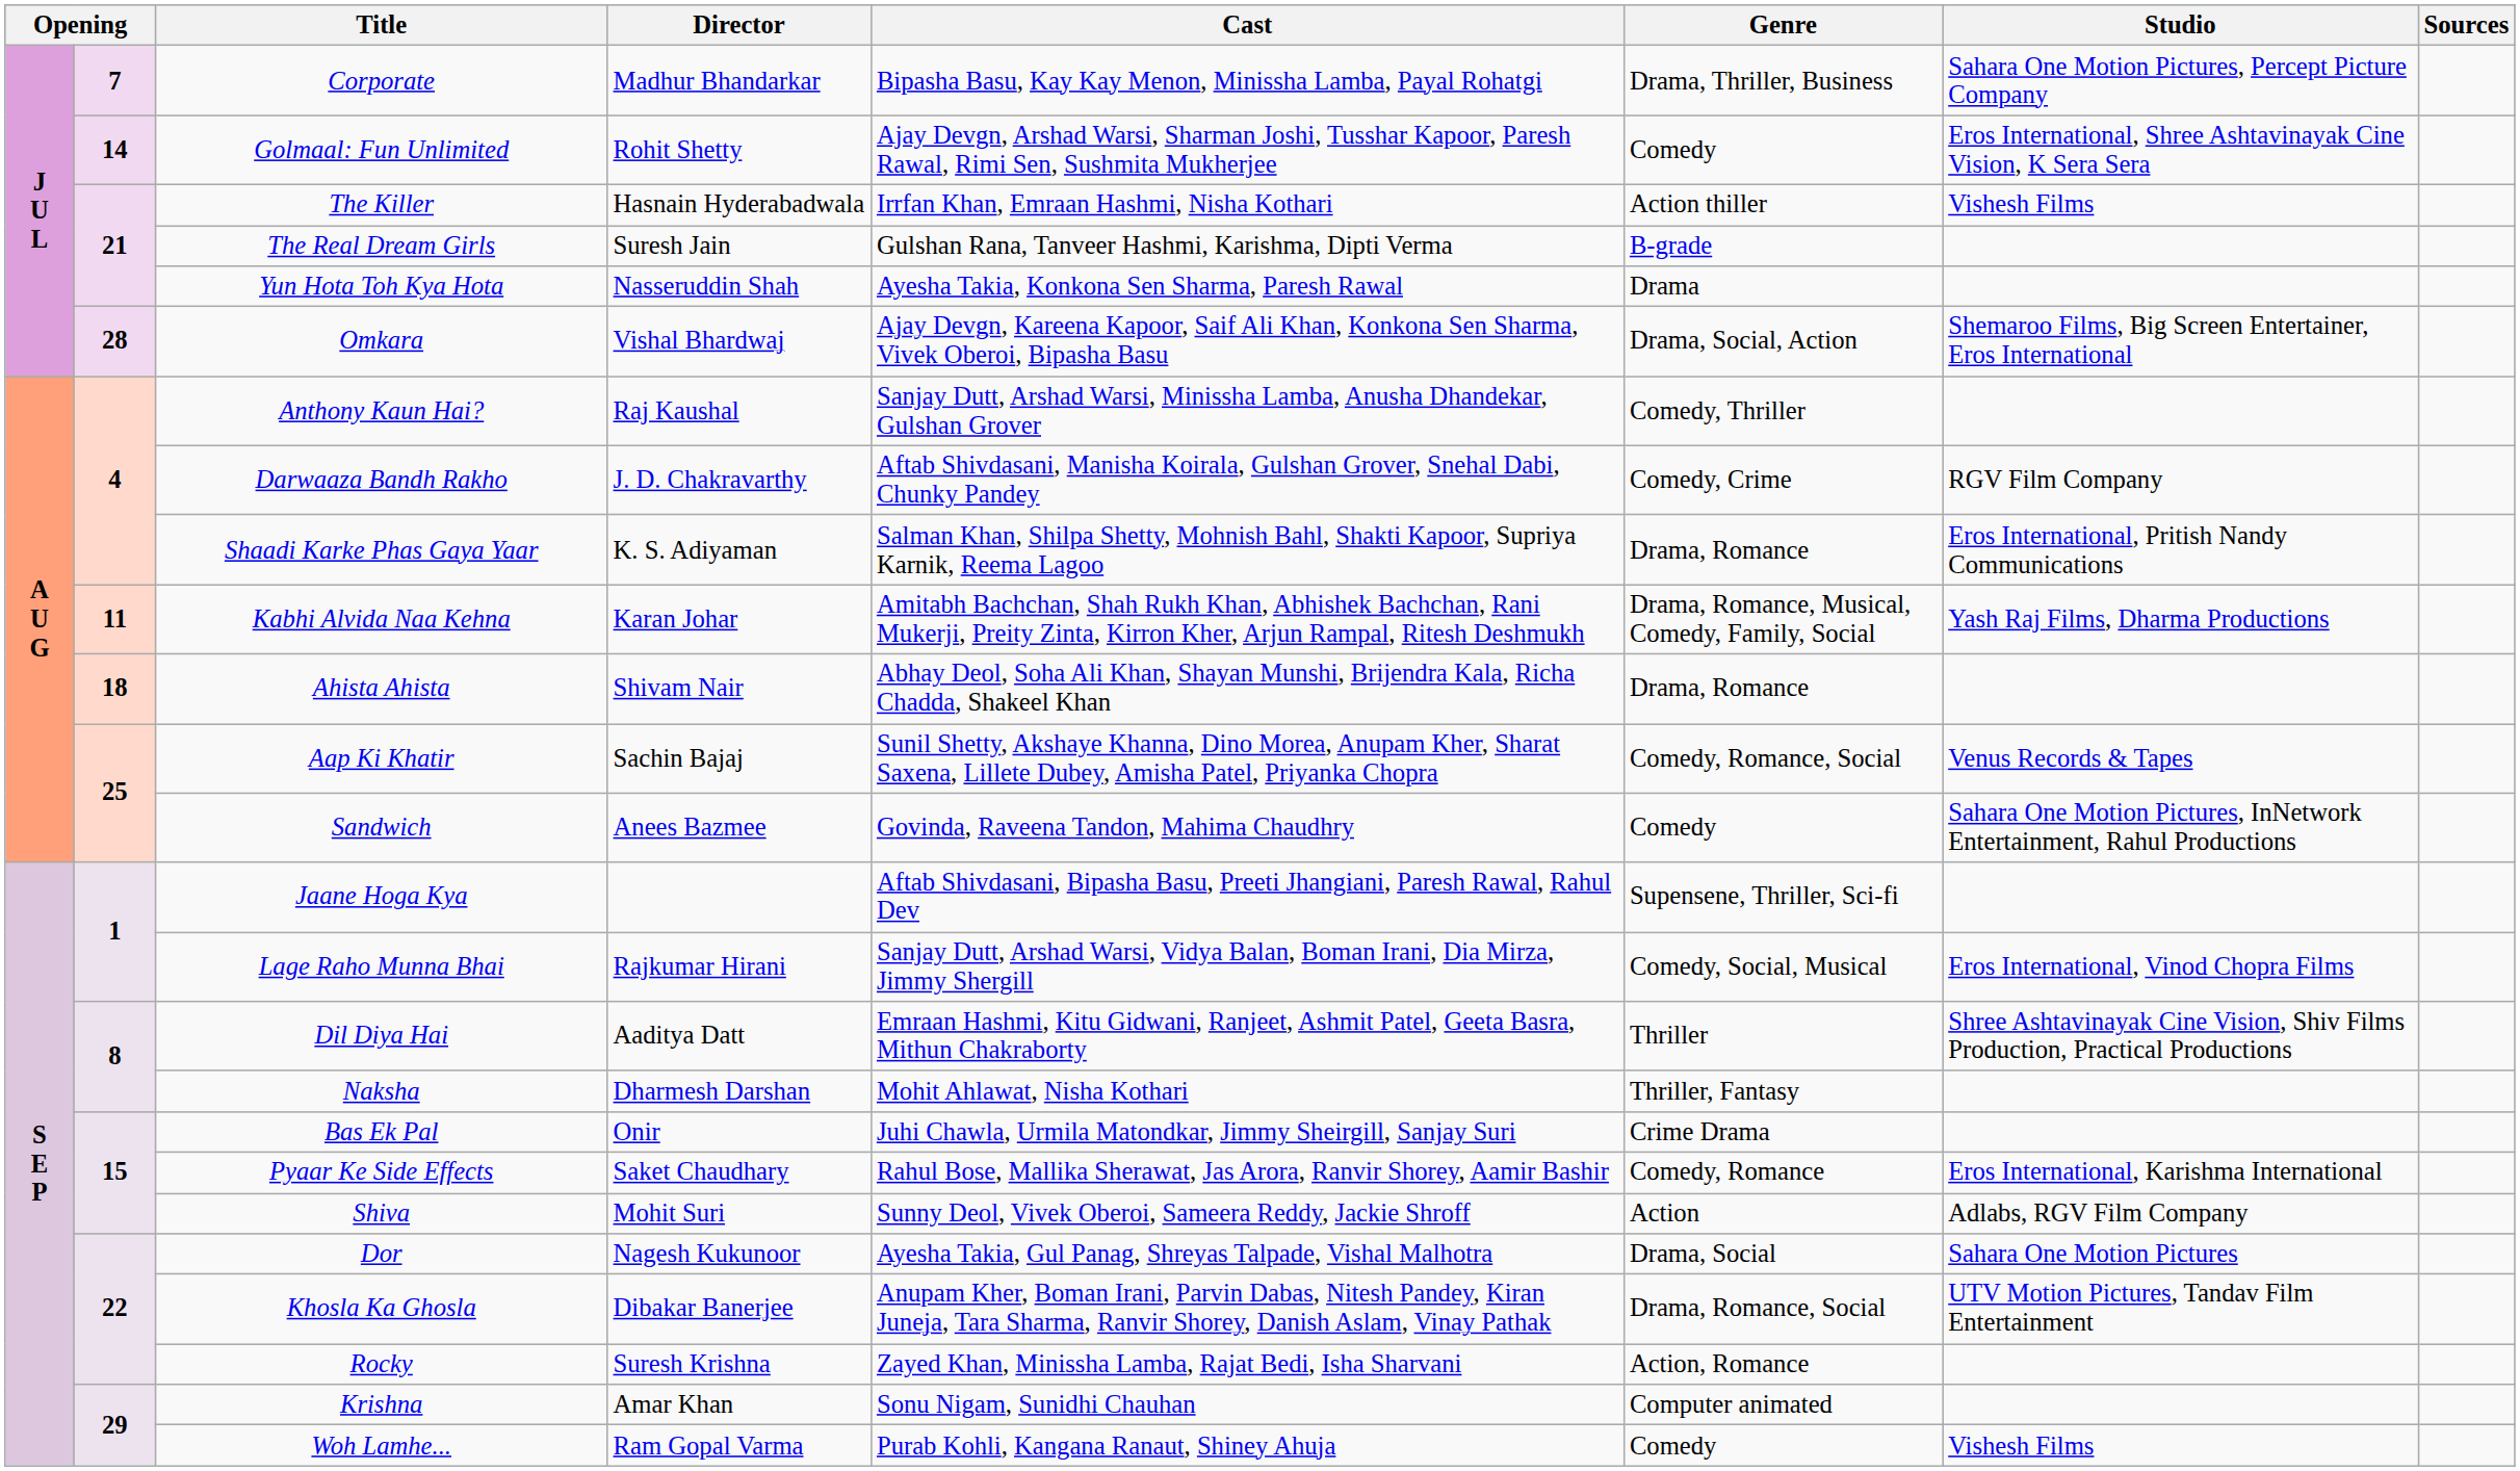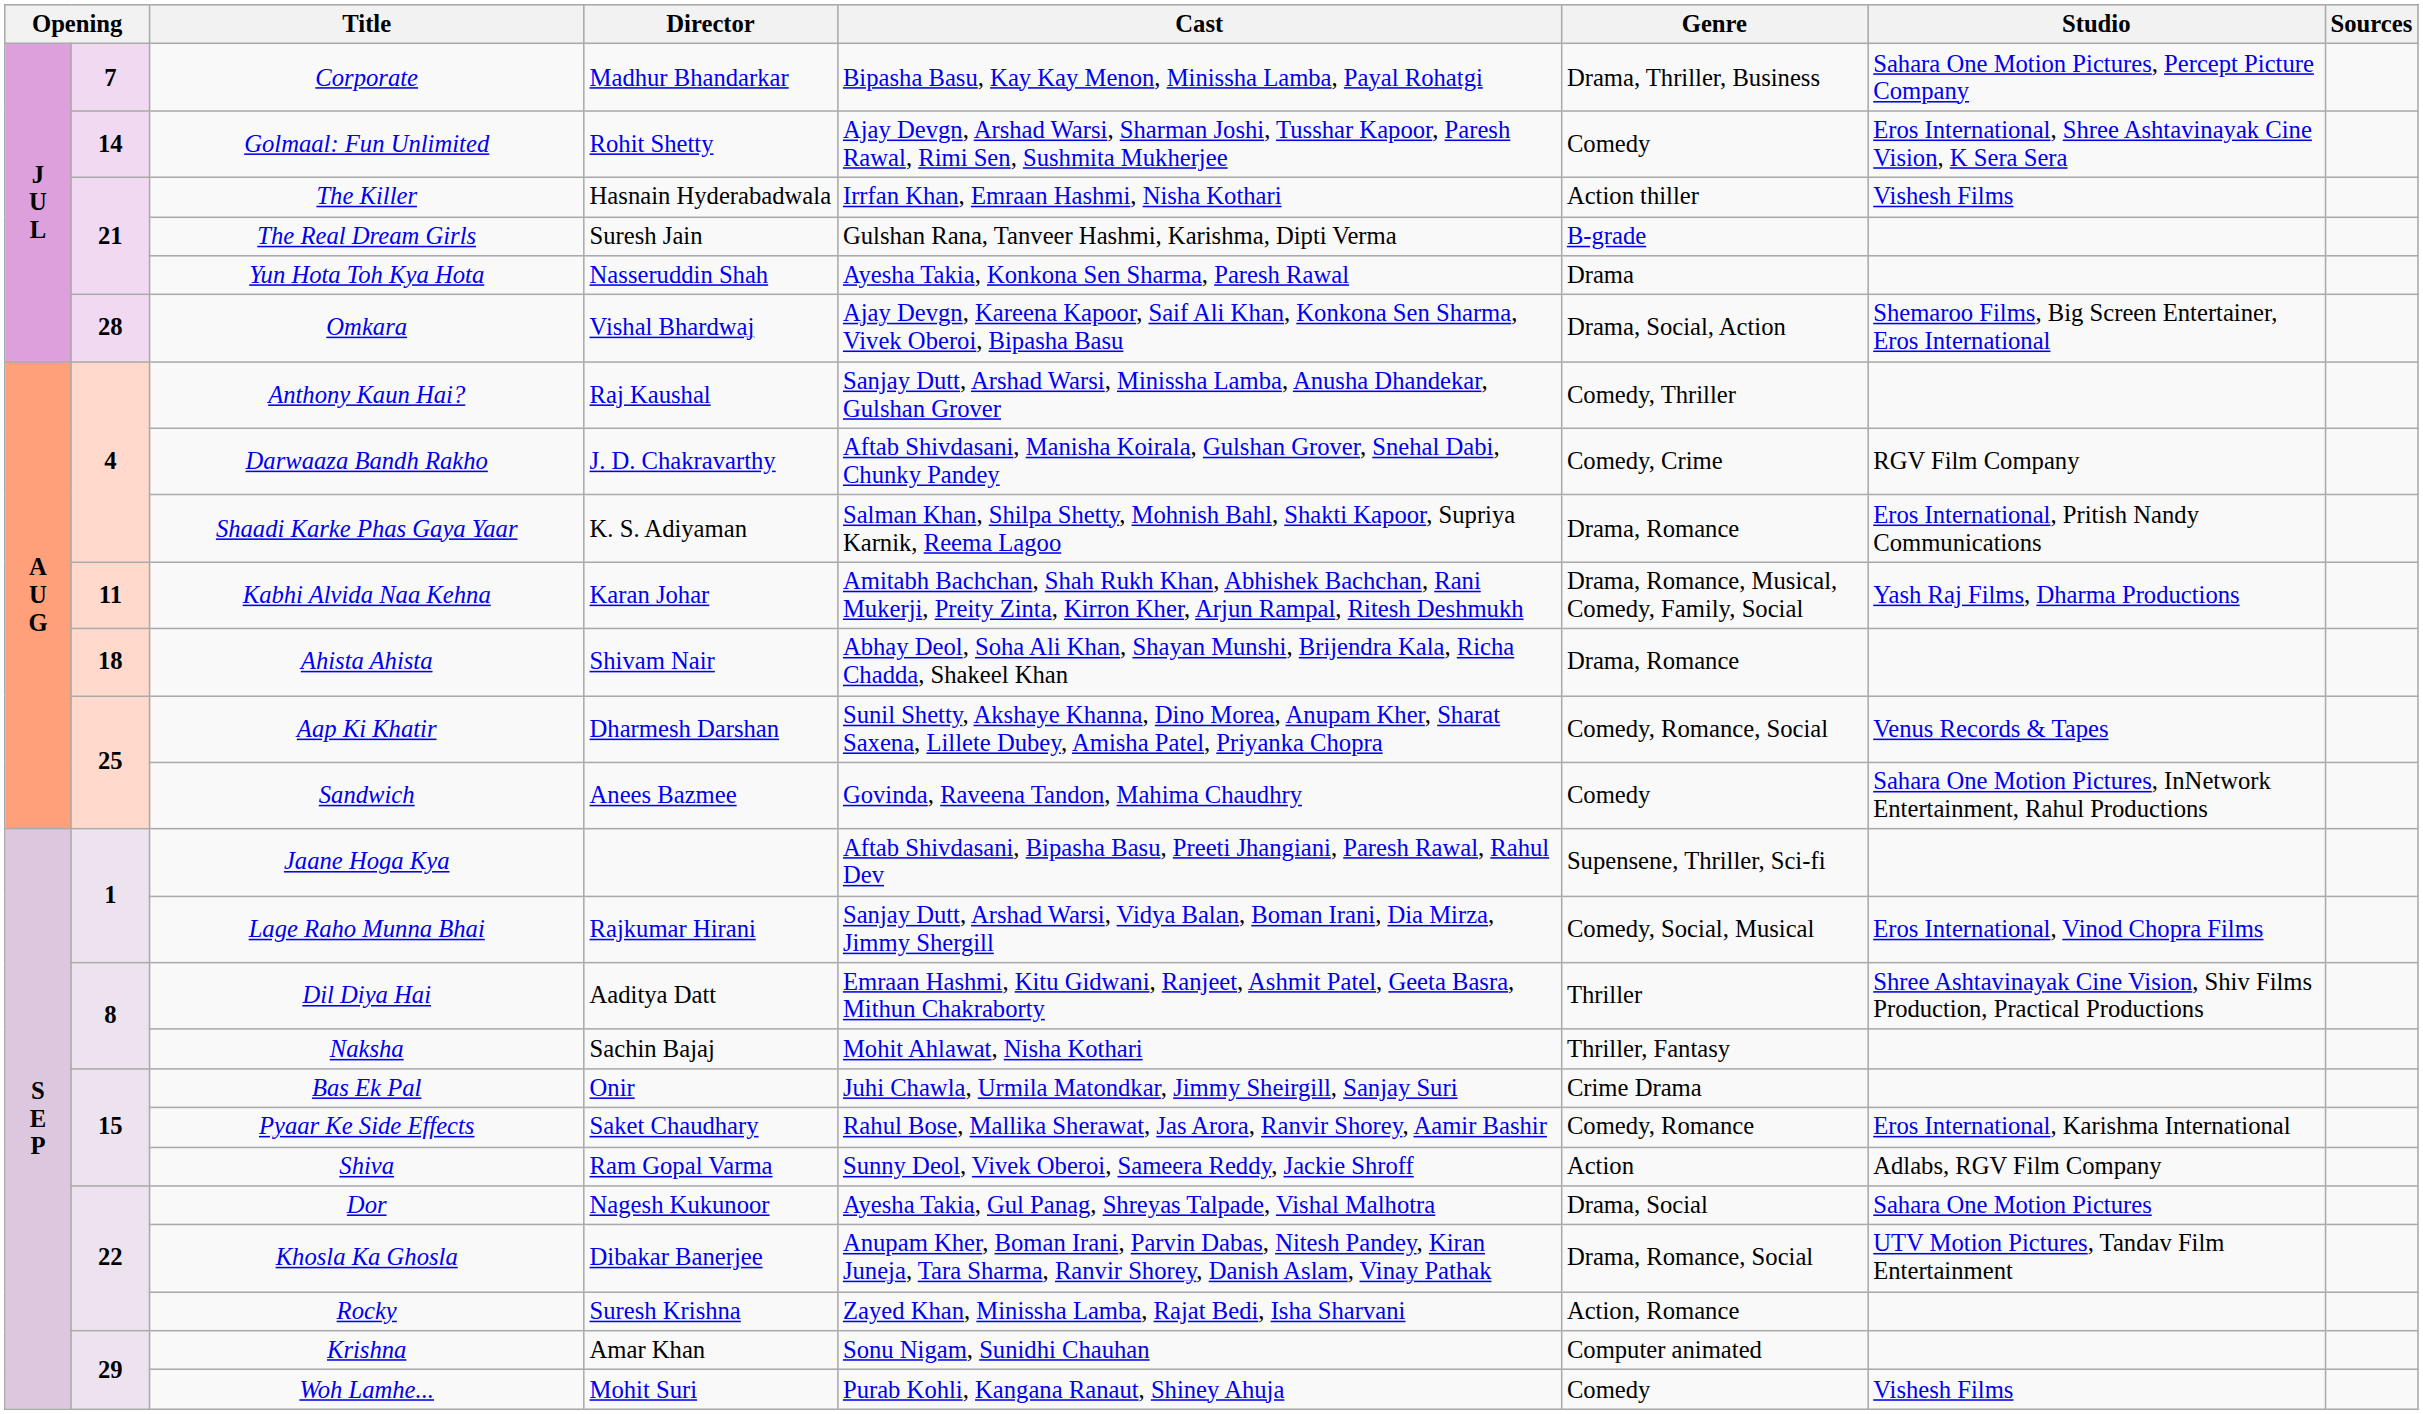 <table class="wikitable">
 <tr style="background:#b0e0e6;text-align:center;">
 <th colspan="2" style="width:6%;"><strong>Opening</strong></th>
 <th style="width:18%;"><strong>Title</strong></th>
 <th style="width:10.5%;"><strong>Director</strong></th>
 <th style="width:30%;"><strong>Cast</strong></th>
 <th>Genre</th>
 <th>Studio</th>
 <th>Sources</th>
 </tr>
 <tr>
 <td rowspan="6" style="text-align:center; background:plum; textcolor:#000;"><strong>J<br>U<br>L</strong></td>
 <td rowspan="1" style="text-align:center;background:#f1daf1;"><strong>7</strong></td>
 <td style="text-align:center;"><em><a href='#'>Corporate</a></em></td>
 <td><a href='#'>Madhur Bhandarkar</a></td>
 <td><a href='#'>Bipasha Basu</a>, <a href='#'>Kay Kay Menon</a>, <a href='#'>Minissha Lamba</a>, <a href='#'>Payal Rohatgi</a></td>
 <td>Drama, Thriller, Business</td>
 <td><a href='#'>Sahara One Motion Pictures</a>, <a href='#'>Percept Picture Company</a></td>
 <td></td>
 </tr>
 <tr>
 <td rowspan="1" style="text-align:center;background:#f1daf1;"><strong>14</strong></td>
 <td style="text-align:center;"><em><a href='#'>Golmaal: Fun Unlimited</a></em></td>
 <td><a href='#'>Rohit Shetty</a></td>
 <td><a href='#'>Ajay Devgn</a>, <a href='#'>Arshad Warsi</a>, <a href='#'>Sharman Joshi</a>, <a href='#'>Tusshar Kapoor</a>, <a href='#'>Paresh Rawal</a>, <a href='#'>Rimi Sen</a>, <a href='#'>Sushmita Mukherjee</a></td>
 <td>Comedy</td>
 <td><a href='#'>Eros International</a>, <a href='#'>Shree Ashtavinayak Cine Vision</a>, <a href='#'>K Sera Sera</a></td>
 <td></td>
 </tr>
 <tr>
 <td rowspan="3" style="text-align:center;background:#f1daf1;"><strong>21</strong></td>
 <td style="text-align:center;"><em><a href='#'>The Killer</a></em></td>
 <td>Hasnain Hyderabadwala</td>
 <td><a href='#'>Irrfan Khan</a>, <a href='#'>Emraan Hashmi</a>, <a href='#'>Nisha Kothari</a></td>
 <td>Action thiller</td>
 <td><a href='#'>Vishesh Films</a></td>
 <td></td>
 </tr>
 <tr>
 <td style="text-align:center;"><em><a href='#'>The Real Dream Girls</a></em></td>
 <td>Suresh Jain</td>
 <td>Gulshan Rana, Tanveer Hashmi, Karishma, Dipti Verma</td>
 <td><a href='#'>B-grade</a></td>
 <td></td>
 <td></td>
 </tr>
 <tr>
 <td style="text-align:center;"><em><a href='#'>Yun Hota Toh Kya Hota</a></em></td>
 <td><a href='#'>Nasseruddin Shah</a></td>
 <td><a href='#'>Ayesha Takia</a>, <a href='#'>Konkona Sen Sharma</a>, <a href='#'>Paresh Rawal</a></td>
 <td>Drama</td>
 <td></td>
 <td></td>
 </tr>
 <tr>
 <td rowspan="1" style="text-align:center;background:#f1daf1;"><strong>28</strong></td>
 <td style="text-align:center;"><em><a href='#'>Omkara</a></em></td>
 <td><a href='#'>Vishal Bhardwaj</a></td>
 <td><a href='#'>Ajay Devgn</a>, <a href='#'>Kareena Kapoor</a>, <a href='#'>Saif Ali Khan</a>, <a href='#'>Konkona Sen Sharma</a>, <a href='#'>Vivek Oberoi</a>, <a href='#'>Bipasha Basu</a></td>
 <td>Drama, Social, Action</td>
 <td><a href='#'>Shemaroo Films</a>, Big Screen Entertainer, <a href='#'>Eros International</a></td>
 <td></td>
 </tr>
 <tr>
 <td rowspan="7" style="text-align:center; background:#ffa07a; textcolor:#000;"><strong>A<br>U<br>G</strong></td>
 <td rowspan="3" style="text-align:center; background:#ffdacc;"><strong>4</strong></td>
 <td style="text-align:center;"><em><a href='#'>Anthony Kaun Hai?</a></em></td>
 <td><a href='#'>Raj Kaushal</a></td>
 <td><a href='#'>Sanjay Dutt</a>, <a href='#'>Arshad Warsi</a>, <a href='#'>Minissha Lamba</a>, <a href='#'>Anusha Dhandekar</a>, <a href='#'>Gulshan Grover</a></td>
 <td>Comedy, Thriller</td>
 <td></td>
 <td></td>
 </tr>
 <tr>
 <td style="text-align:center;"><em><a href='#'>Darwaaza Bandh Rakho</a></em></td>
 <td><a href='#'>J. D. Chakravarthy</a></td>
 <td><a href='#'>Aftab Shivdasani</a>, <a href='#'>Manisha Koirala</a>, <a href='#'>Gulshan Grover</a>, <a href='#'>Snehal Dabi</a>, <a href='#'>Chunky Pandey</a></td>
 <td>Comedy, Crime</td>
 <td>RGV Film Company</td>
 <td></td>
 </tr>
 <tr>
 <td style="text-align:center;"><em><a href='#'>Shaadi Karke Phas Gaya Yaar</a></em></td>
 <td>K. S. Adiyaman</td>
 <td><a href='#'>Salman Khan</a>, <a href='#'>Shilpa Shetty</a>, <a href='#'>Mohnish Bahl</a>, <a href='#'>Shakti Kapoor</a>, Supriya Karnik, <a href='#'>Reema Lagoo</a></td>
 <td>Drama, Romance</td>
 <td><a href='#'>Eros International</a>, Pritish Nandy Communications</td>
 <td></td>
 </tr>
 <tr>
 <td rowspan="1" style="text-align:center; background:#ffdacc;"><strong>11</strong></td>
 <td style="text-align:center;"><em><a href='#'>Kabhi Alvida Naa Kehna</a></em></td>
 <td><a href='#'>Karan Johar</a></td>
 <td><a href='#'>Amitabh Bachchan</a>, <a href='#'>Shah Rukh Khan</a>, <a href='#'>Abhishek Bachchan</a>, <a href='#'>Rani Mukerji</a>, <a href='#'>Preity Zinta</a>, <a href='#'>Kirron Kher</a>, <a href='#'>Arjun Rampal</a>, <a href='#'>Ritesh Deshmukh</a></td>
 <td>Drama, Romance, Musical, Comedy, Family, Social</td>
 <td><a href='#'>Yash Raj Films</a>, <a href='#'>Dharma Productions</a></td>
 <td></td>
 </tr>
 <tr>
 <td rowspan="1" style="text-align:center; background:#ffdacc;"><strong>18</strong></td>
 <td style="text-align:center;"><em><a href='#'>Ahista Ahista</a></em></td>
 <td><a href='#'>Shivam Nair</a></td>
 <td><a href='#'>Abhay Deol</a>, <a href='#'>Soha Ali Khan</a>, <a href='#'>Shayan Munshi</a>, <a href='#'>Brijendra Kala</a>, <a href='#'>Richa Chadda</a>, Shakeel Khan</td>
 <td>Drama, Romance</td>
 <td></td>
 <td></td>
 </tr>
 <tr>
 <td rowspan="2" style="text-align:center; background:#ffdacc;"><strong>25</strong></td>
 <td style="text-align:center;"><em><a href='#'>Aap Ki Khatir</a></em></td>
-<td>Sachin Bajaj</td>
+<td><a href='#'>Dharmesh Darshan</a></td>
 <td><a href='#'>Sunil Shetty</a>, <a href='#'>Akshaye Khanna</a>, <a href='#'>Dino Morea</a>, <a href='#'>Anupam Kher</a>, <a href='#'>Sharat Saxena</a>, <a href='#'>Lillete Dubey</a>, <a href='#'>Amisha Patel</a>, <a href='#'>Priyanka Chopra</a></td>
 <td>Comedy, Romance, Social</td>
 <td><a href='#'>Venus Records & Tapes</a></td>
 <td></td>
 </tr>
 <tr>
 <td style="text-align:center;"><em><a href='#'>Sandwich</a></em></td>
 <td><a href='#'>Anees Bazmee</a></td>
 <td><a href='#'>Govinda</a>, <a href='#'>Raveena Tandon</a>, <a href='#'>Mahima Chaudhry</a></td>
 <td>Comedy</td>
 <td><a href='#'>Sahara One Motion Pictures</a>, InNetwork Entertainment, Rahul Productions</td>
 <td></td>
 </tr>
 <tr>
 <td rowspan="12" style="text-align:center; background:#dcc7df; textcolor:#000;"><strong>S<br>E<br>P</strong></td>
 <td rowspan="2" style="text-align:center;background:#ede3ef;"><strong>1</strong></td>
 <td style="text-align:center;"><em><a href='#'>Jaane Hoga Kya</a></em></td>
 <td></td>
 <td><a href='#'>Aftab Shivdasani</a>, <a href='#'>Bipasha Basu</a>, <a href='#'>Preeti Jhangiani</a>, <a href='#'>Paresh Rawal</a>, <a href='#'>Rahul Dev</a></td>
 <td>Supensene, Thriller, Sci-fi</td>
 <td></td>
 <td></td>
 </tr>
 <tr>
 <td style="text-align:center;"><em><a href='#'>Lage Raho Munna Bhai</a></em></td>
 <td><a href='#'>Rajkumar Hirani</a></td>
 <td><a href='#'>Sanjay Dutt</a>, <a href='#'>Arshad Warsi</a>, <a href='#'>Vidya Balan</a>, <a href='#'>Boman Irani</a>, <a href='#'>Dia Mirza</a>, <a href='#'>Jimmy Shergill</a></td>
 <td>Comedy, Social, Musical</td>
 <td><a href='#'>Eros International</a>, <a href='#'>Vinod Chopra Films</a></td>
 <td></td>
 </tr>
 <tr>
 <td rowspan="2" style="text-align:center; background:#ede3ef;"><strong>8</strong></td>
 <td style="text-align:center;"><em><a href='#'>Dil Diya Hai</a></em></td>
 <td>Aaditya Datt</td>
 <td><a href='#'>Emraan Hashmi</a>, <a href='#'>Kitu Gidwani</a>, <a href='#'>Ranjeet</a>, <a href='#'>Ashmit Patel</a>, <a href='#'>Geeta Basra</a>, <a href='#'>Mithun Chakraborty</a></td>
 <td>Thriller</td>
 <td><a href='#'>Shree Ashtavinayak Cine Vision</a>, Shiv Films Production, Practical Productions</td>
 <td></td>
 </tr>
 <tr>
 <td style="text-align:center;"><em><a href='#'>Naksha</a></em></td>
-<td><a href='#'>Dharmesh Darshan</a></td>
+<td>Sachin Bajaj</td>
 <td><a href='#'> Mohit Ahlawat</a>, <a href='#'>Nisha Kothari</a></td>
 <td>Thriller, Fantasy</td>
 <td></td>
 <td></td>
 </tr>
 <tr>
 <td rowspan="3" style="text-align:center; background:#ede3ef;"><strong>15</strong></td>
 <td style="text-align:center;"><em><a href='#'>Bas Ek Pal</a></em></td>
 <td><a href='#'>Onir</a></td>
 <td><a href='#'>Juhi Chawla</a>, <a href='#'>Urmila Matondkar</a>, <a href='#'>Jimmy Sheirgill</a>, <a href='#'>Sanjay Suri</a></td>
 <td>Crime Drama</td>
 <td></td>
 <td></td>
 </tr>
 <tr>
 <td style="text-align:center;"><em><a href='#'>Pyaar Ke Side Effects</a></em></td>
 <td><a href='#'>Saket Chaudhary</a></td>
 <td><a href='#'>Rahul Bose</a>, <a href='#'>Mallika Sherawat</a>, <a href='#'>Jas Arora</a>, <a href='#'>Ranvir Shorey</a>, <a href='#'>Aamir Bashir</a></td>
 <td>Comedy, Romance</td>
 <td><a href='#'>Eros International</a>, Karishma International</td>
 <td></td>
 </tr>
 <tr>
 <td style="text-align:center;"><em><a href='#'>Shiva</a></em></td>
-<td><a href='#'>Mohit Suri</a></td>
+<td><a href='#'>Ram Gopal Varma</a></td>
 <td><a href='#'>Sunny Deol</a>, <a href='#'>Vivek Oberoi</a>, <a href='#'>Sameera Reddy</a>, <a href='#'>Jackie Shroff</a></td>
 <td>Action</td>
 <td>Adlabs, RGV Film Company</td>
 <td></td>
 </tr>
 <tr>
 <td rowspan="3" style="text-align:center; background:#ede3ef;"><strong>22</strong></td>
 <td style="text-align:center;"><em><a href='#'>Dor</a></em></td>
 <td><a href='#'>Nagesh Kukunoor</a></td>
 <td><a href='#'>Ayesha Takia</a>, <a href='#'>Gul Panag</a>, <a href='#'>Shreyas Talpade</a>, <a href='#'>Vishal Malhotra</a></td>
 <td>Drama, Social</td>
 <td><a href='#'>Sahara One Motion Pictures</a></td>
 <td></td>
 </tr>
 <tr>
 <td style="text-align:center;"><em><a href='#'>Khosla Ka Ghosla</a></em></td>
 <td><a href='#'>Dibakar Banerjee</a></td>
 <td><a href='#'>Anupam Kher</a>, <a href='#'>Boman Irani</a>, <a href='#'>Parvin Dabas</a>, <a href='#'>Nitesh Pandey</a>, <a href='#'>Kiran Juneja</a>, <a href='#'>Tara Sharma</a>, <a href='#'>Ranvir Shorey</a>, <a href='#'>Danish Aslam</a>, <a href='#'>Vinay Pathak</a></td>
 <td>Drama, Romance, Social</td>
 <td><a href='#'>UTV Motion Pictures</a>, Tandav Film Entertainment</td>
 <td></td>
 </tr>
 <tr>
 <td style="text-align:center;"><em><a href='#'>Rocky</a></em></td>
 <td><a href='#'>Suresh Krishna</a></td>
 <td><a href='#'>Zayed Khan</a>, <a href='#'>Minissha Lamba</a>, <a href='#'>Rajat Bedi</a>, <a href='#'>Isha Sharvani</a></td>
 <td>Action, Romance</td>
 <td></td>
 <td></td>
 </tr>
 <tr>
 <td rowspan="2" style="text-align:center; background:#ede3ef;"><strong>29</strong></td>
 <td style="text-align:center;"><em><a href='#'>Krishna</a></em></td>
 <td>Amar Khan</td>
 <td><a href='#'>Sonu Nigam</a>, <a href='#'>Sunidhi Chauhan</a></td>
 <td>Computer animated</td>
 <td></td>
 <td></td>
 </tr>
 <tr>
 <td style="text-align:center;"><em><a href='#'>Woh Lamhe...</a></em></td>
-<td><a href='#'>Ram Gopal Varma</a></td>
+<td><a href='#'>Mohit Suri</a></td>
 <td><a href='#'>Purab Kohli</a>, <a href='#'>Kangana Ranaut</a>, <a href='#'>Shiney Ahuja</a></td>
 <td>Comedy</td>
 <td><a href='#'>Vishesh Films</a></td>
 <td></td>
 </tr>
 </table>
